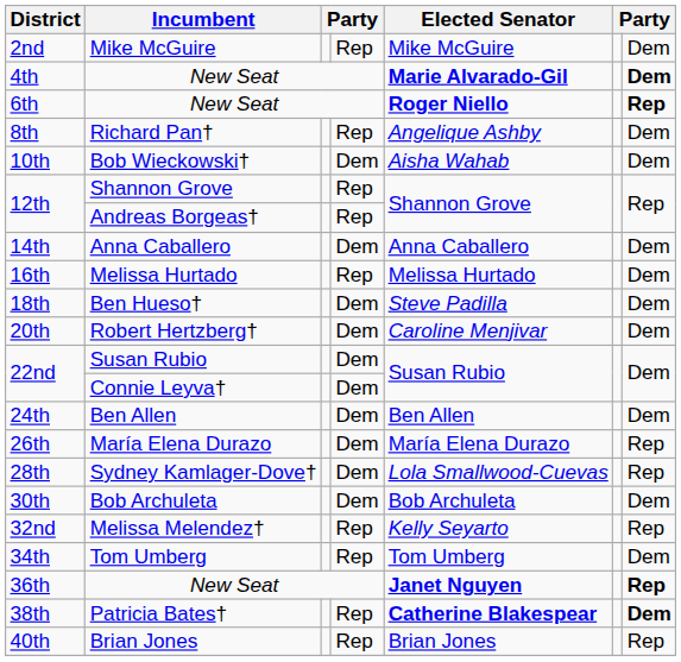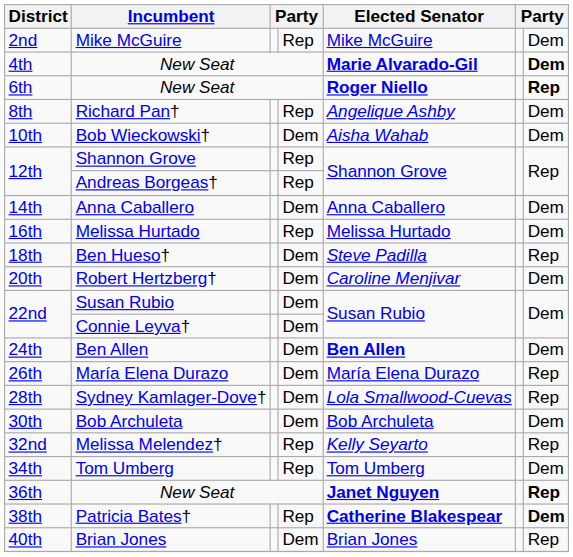 <table class="sortable wikitable" style="font-size:95%;line-height:14px;">
 <tr>
 <th>District</th>
 <th class="unsortable"><a href='#'>Incumbent</a></th>
 <th colspan="2">Party</th>
 <th class="unsortable">Elected Senator</th>
 <th colspan="2">Party</th>
 </tr>
 <tr>
 <td><a href='#'>2nd</a></td>
 <td><a href='#'>Mike McGuire</a></td>
 <td style="background:"></td>
 <td>Rep</td>
 <td><a href='#'>Mike McGuire</a></td>
 <td style="background:"></td>
 <td>Dem</td>
 </tr>
 <tr>
 <td><a href='#'>4th</a></td>
 <td colspan=3 align=center><em>New Seat</em></td>
 <td><strong><a href='#'>Marie Alvarado-Gil</a></strong></td>
 <td style="background:"></td>
 <td><strong>Dem</strong></td>
 </tr>
 <tr>
 <td><a href='#'>6th</a></td>
 <td colspan=3 align=center><em>New Seat</em></td>
 <td><strong><a href='#'>Roger Niello</a></strong></td>
 <td style="background:"></td>
 <td><strong>Rep</strong></td>
 </tr>
 <tr>
 <td><a href='#'>8th</a></td>
 <td><a href='#'>Richard Pan</a>†</td>
 <td style="background:"></td>
 <td>Rep</td>
 <td><em><a href='#'>Angelique Ashby</a></em></td>
 <td style="background:"></td>
 <td>Dem</td>
 </tr>
 <tr>
 <td><a href='#'>10th</a></td>
 <td><a href='#'>Bob Wieckowski</a>†</td>
 <td style="background:"></td>
 <td>Dem</td>
 <td><em><a href='#'>Aisha Wahab</a></em></td>
 <td style="background:"></td>
 <td>Dem</td>
 </tr>
 <tr>
 <td rowspan=2><a href='#'>12th</a></td>
 <td><a href='#'>Shannon Grove</a></td>
 <td style="background:"></td>
 <td>Rep</td>
 <td rowspan=2><a href='#'>Shannon Grove</a></td>
 <td rowspan=2 style="background:"></td>
 <td rowspan=2>Rep</td>
 </tr>
 <tr>
 <td><a href='#'>Andreas Borgeas</a>†</td>
 <td style="background:"></td>
 <td>Rep</td>
 </tr>
 <tr>
 <td><a href='#'>14th</a></td>
 <td><a href='#'>Anna Caballero</a></td>
 <td style="background:"></td>
 <td>Dem</td>
 <td><a href='#'>Anna Caballero</a></td>
 <td style="background:"></td>
 <td>Dem</td>
 </tr>
 <tr>
 <td><a href='#'>16th</a></td>
 <td><a href='#'>Melissa Hurtado</a></td>
 <td style="background:"></td>
 <td>Rep</td>
 <td><a href='#'>Melissa Hurtado</a></td>
 <td style="background:"></td>
 <td>Dem</td>
 </tr>
 <tr>
 <td><a href='#'>18th</a></td>
 <td><a href='#'>Ben Hueso</a>†</td>
 <td style="background:"></td>
 <td>Dem</td>
 <td><em><a href='#'>Steve Padilla</a></em></td>
 <td style="background:"></td>
-<td>Dem</td>
+<td>Rep</td>
 </tr>
 <tr>
 <td><a href='#'>20th</a></td>
 <td><a href='#'>Robert Hertzberg</a>†</td>
 <td style="background:"></td>
 <td>Dem</td>
 <td><em><a href='#'>Caroline Menjivar</a></em></td>
 <td style="background:"></td>
 <td>Dem</td>
 </tr>
 <tr>
 <td rowspan=2><a href='#'>22nd</a></td>
 <td><a href='#'>Susan Rubio</a></td>
 <td style="background:"></td>
 <td>Dem</td>
 <td rowspan=2><a href='#'>Susan Rubio</a></td>
 <td rowspan=2 style="background:"></td>
 <td rowspan=2>Dem</td>
 </tr>
 <tr>
 <td><a href='#'>Connie Leyva</a>†</td>
 <td style="background:"></td>
 <td>Dem</td>
 </tr>
 <tr>
 <td><a href='#'>24th</a></td>
 <td><a href='#'>Ben Allen</a></td>
 <td style="background:"></td>
 <td>Dem</td>
-<td><a href='#'>Ben Allen</a></td>
+<td><strong><a href='#'>Ben Allen</a></strong></td>
 <td style="background:"></td>
 <td>Dem</td>
 </tr>
 <tr>
 <td><a href='#'>26th</a></td>
 <td><a href='#'>María Elena Durazo</a></td>
 <td style="background:"></td>
 <td>Dem</td>
 <td><a href='#'>María Elena Durazo</a></td>
 <td style="background:"></td>
 <td>Rep</td>
 </tr>
 <tr>
 <td><a href='#'>28th</a></td>
 <td><a href='#'>Sydney Kamlager-Dove</a>†</td>
 <td style="background:"></td>
 <td>Dem</td>
 <td><em><a href='#'>Lola Smallwood-Cuevas</a></em></td>
 <td style="background:"></td>
 <td>Rep</td>
 </tr>
 <tr>
 <td><a href='#'>30th</a></td>
 <td><a href='#'>Bob Archuleta</a></td>
 <td style="background:"></td>
 <td>Dem</td>
 <td><a href='#'>Bob Archuleta</a></td>
 <td style="background:"></td>
 <td>Dem</td>
 </tr>
 <tr>
 <td><a href='#'>32nd</a></td>
 <td><a href='#'>Melissa Melendez</a>†</td>
 <td style="background:"></td>
 <td>Rep</td>
 <td><em><a href='#'>Kelly Seyarto</a></em></td>
 <td style="background:"></td>
 <td>Rep</td>
 </tr>
 <tr>
 <td><a href='#'>34th</a></td>
 <td><a href='#'>Tom Umberg</a></td>
 <td style="background:"></td>
 <td>Rep</td>
 <td><a href='#'>Tom Umberg</a></td>
 <td style="background:"></td>
 <td>Dem</td>
 </tr>
 <tr>
 <td><a href='#'>36th</a></td>
 <td colspan=3 align=center><em>New Seat</em></td>
 <td><strong><a href='#'>Janet Nguyen</a></strong></td>
 <td style="background:"></td>
 <td><strong>Rep</strong></td>
 </tr>
 <tr>
 <td><a href='#'>38th</a></td>
 <td><a href='#'>Patricia Bates</a>†</td>
 <td style="background:"></td>
 <td>Rep</td>
 <td><strong><a href='#'>Catherine Blakespear</a></strong></td>
 <td style="background:"></td>
 <td><strong>Dem</strong></td>
 </tr>
 <tr>
 <td><a href='#'>40th</a></td>
 <td><a href='#'>Brian Jones</a></td>
 <td style="background:"></td>
-<td>Rep</td>
+<td>Dem</td>
 <td><a href='#'>Brian Jones</a></td>
 <td style="background:"></td>
 <td>Rep</td>
 </tr>
 <tr>
 </tr>
 </table>
